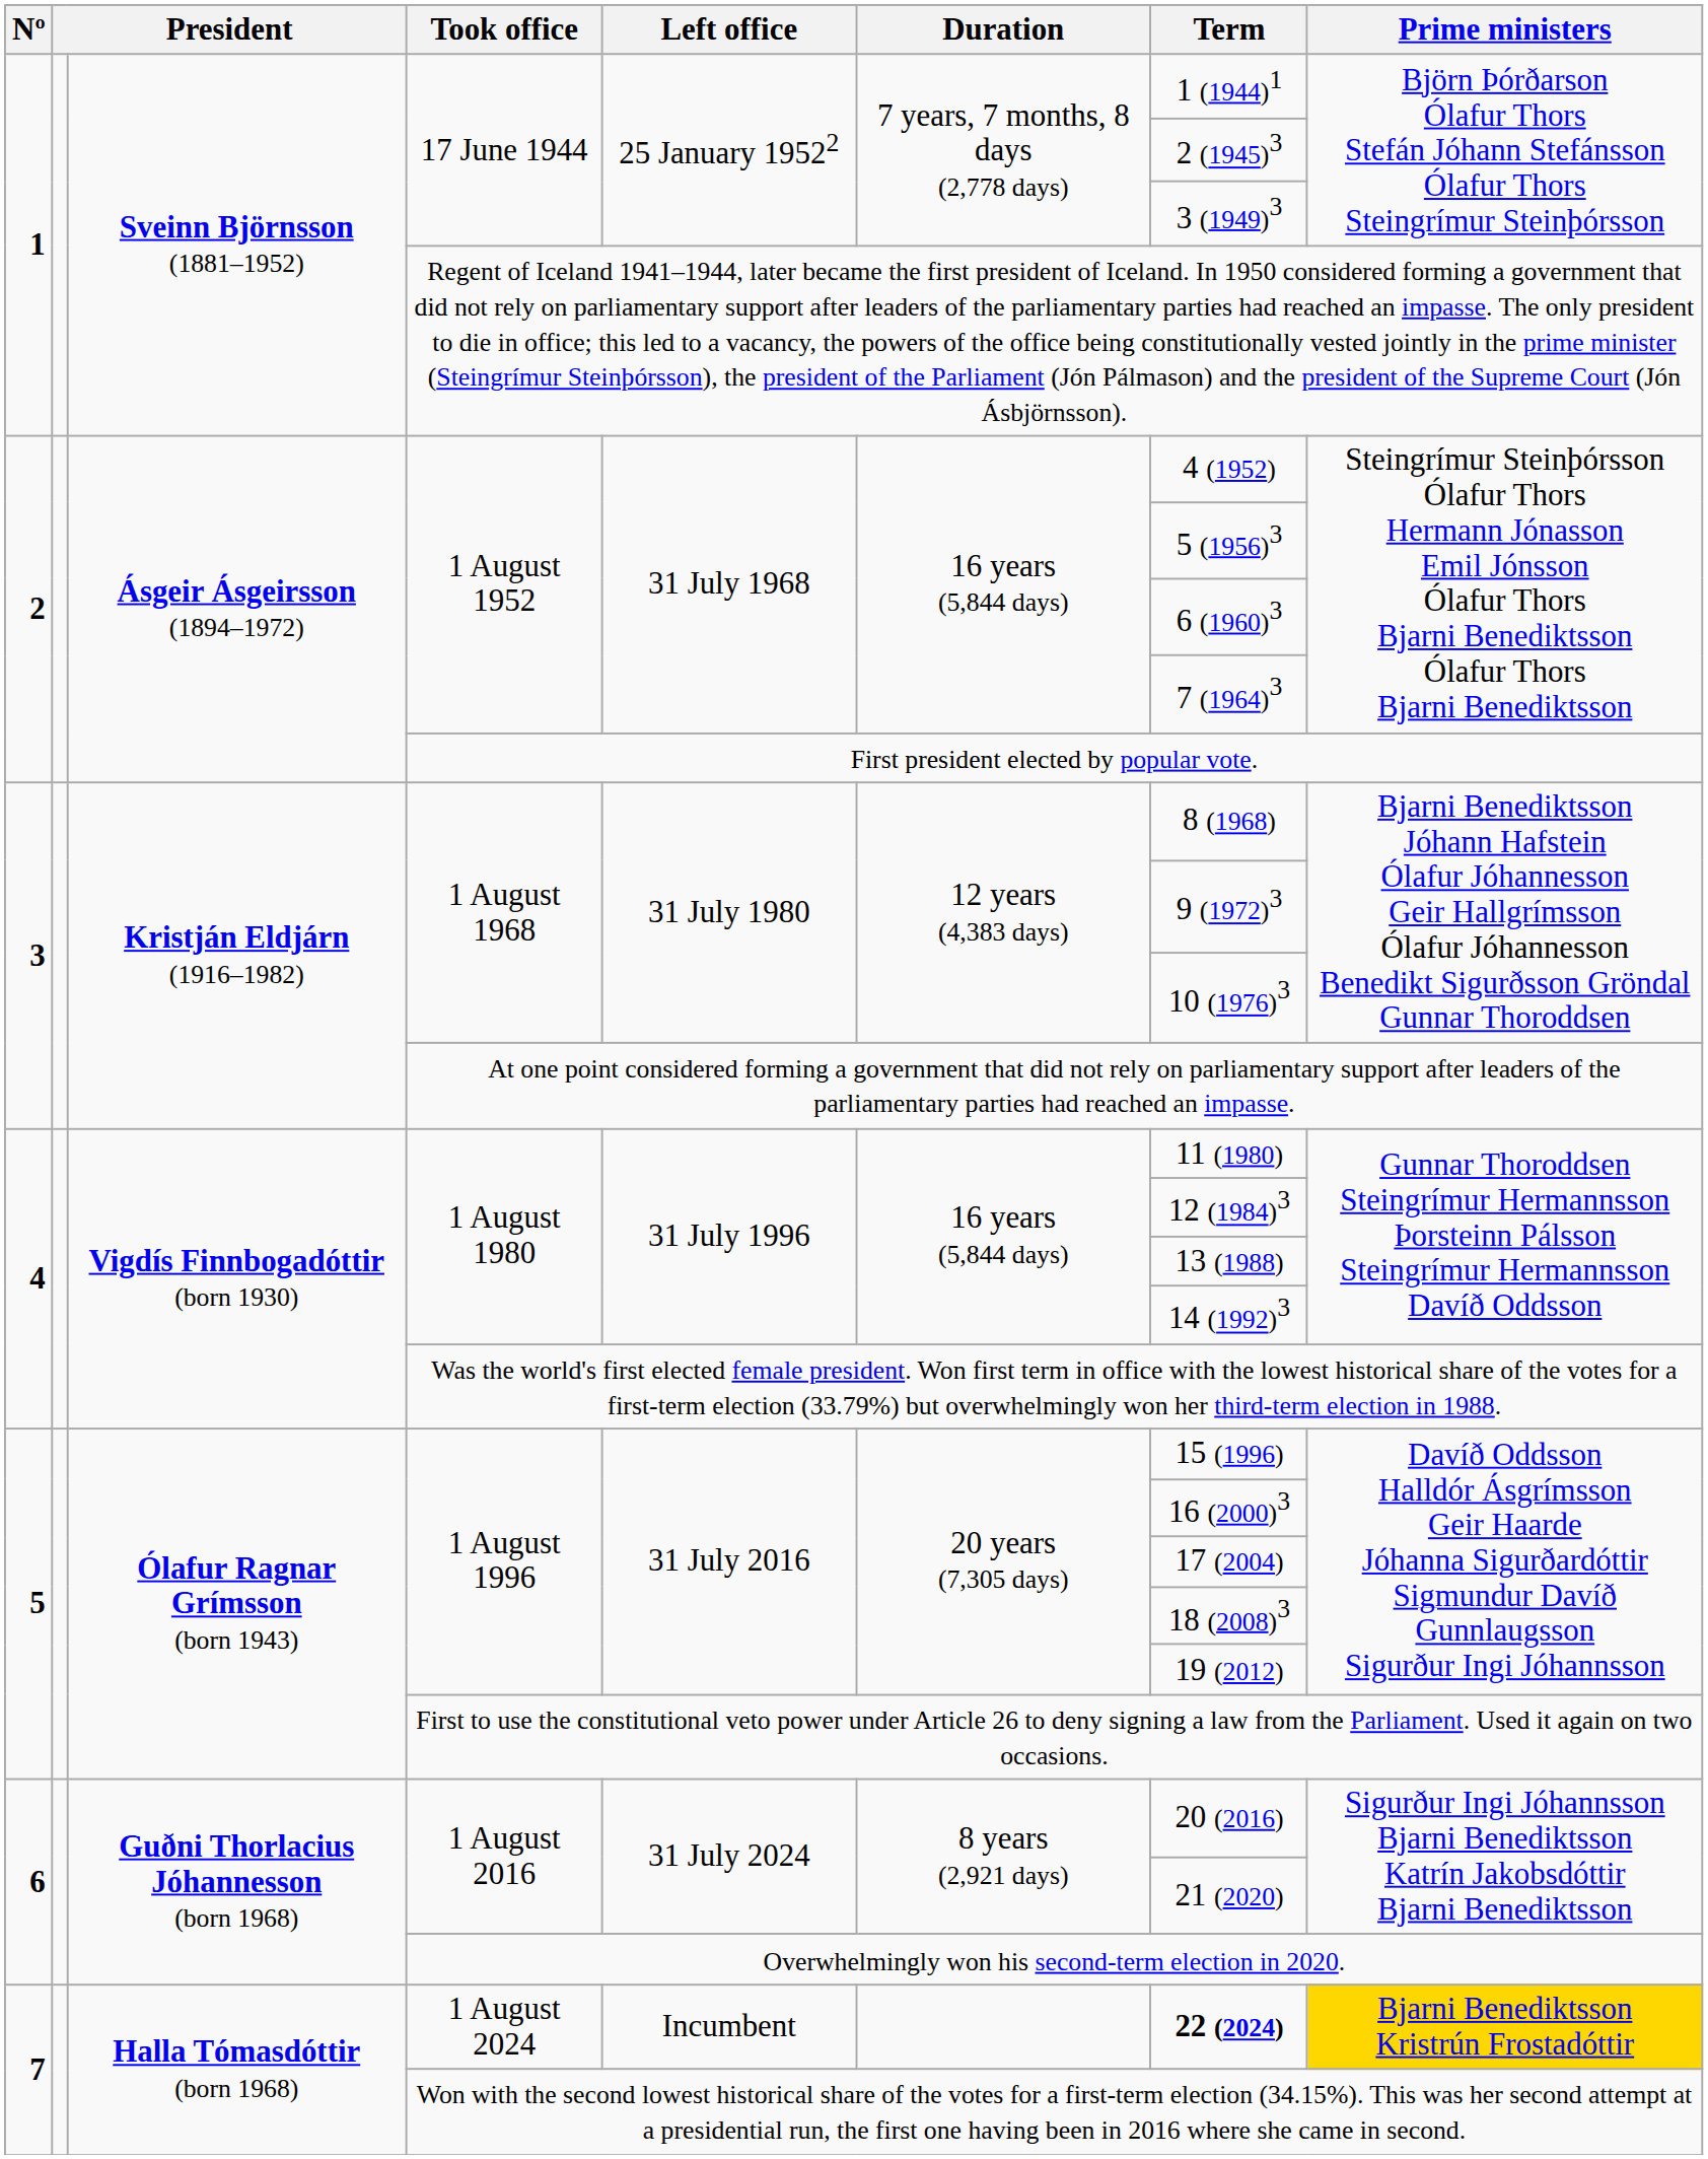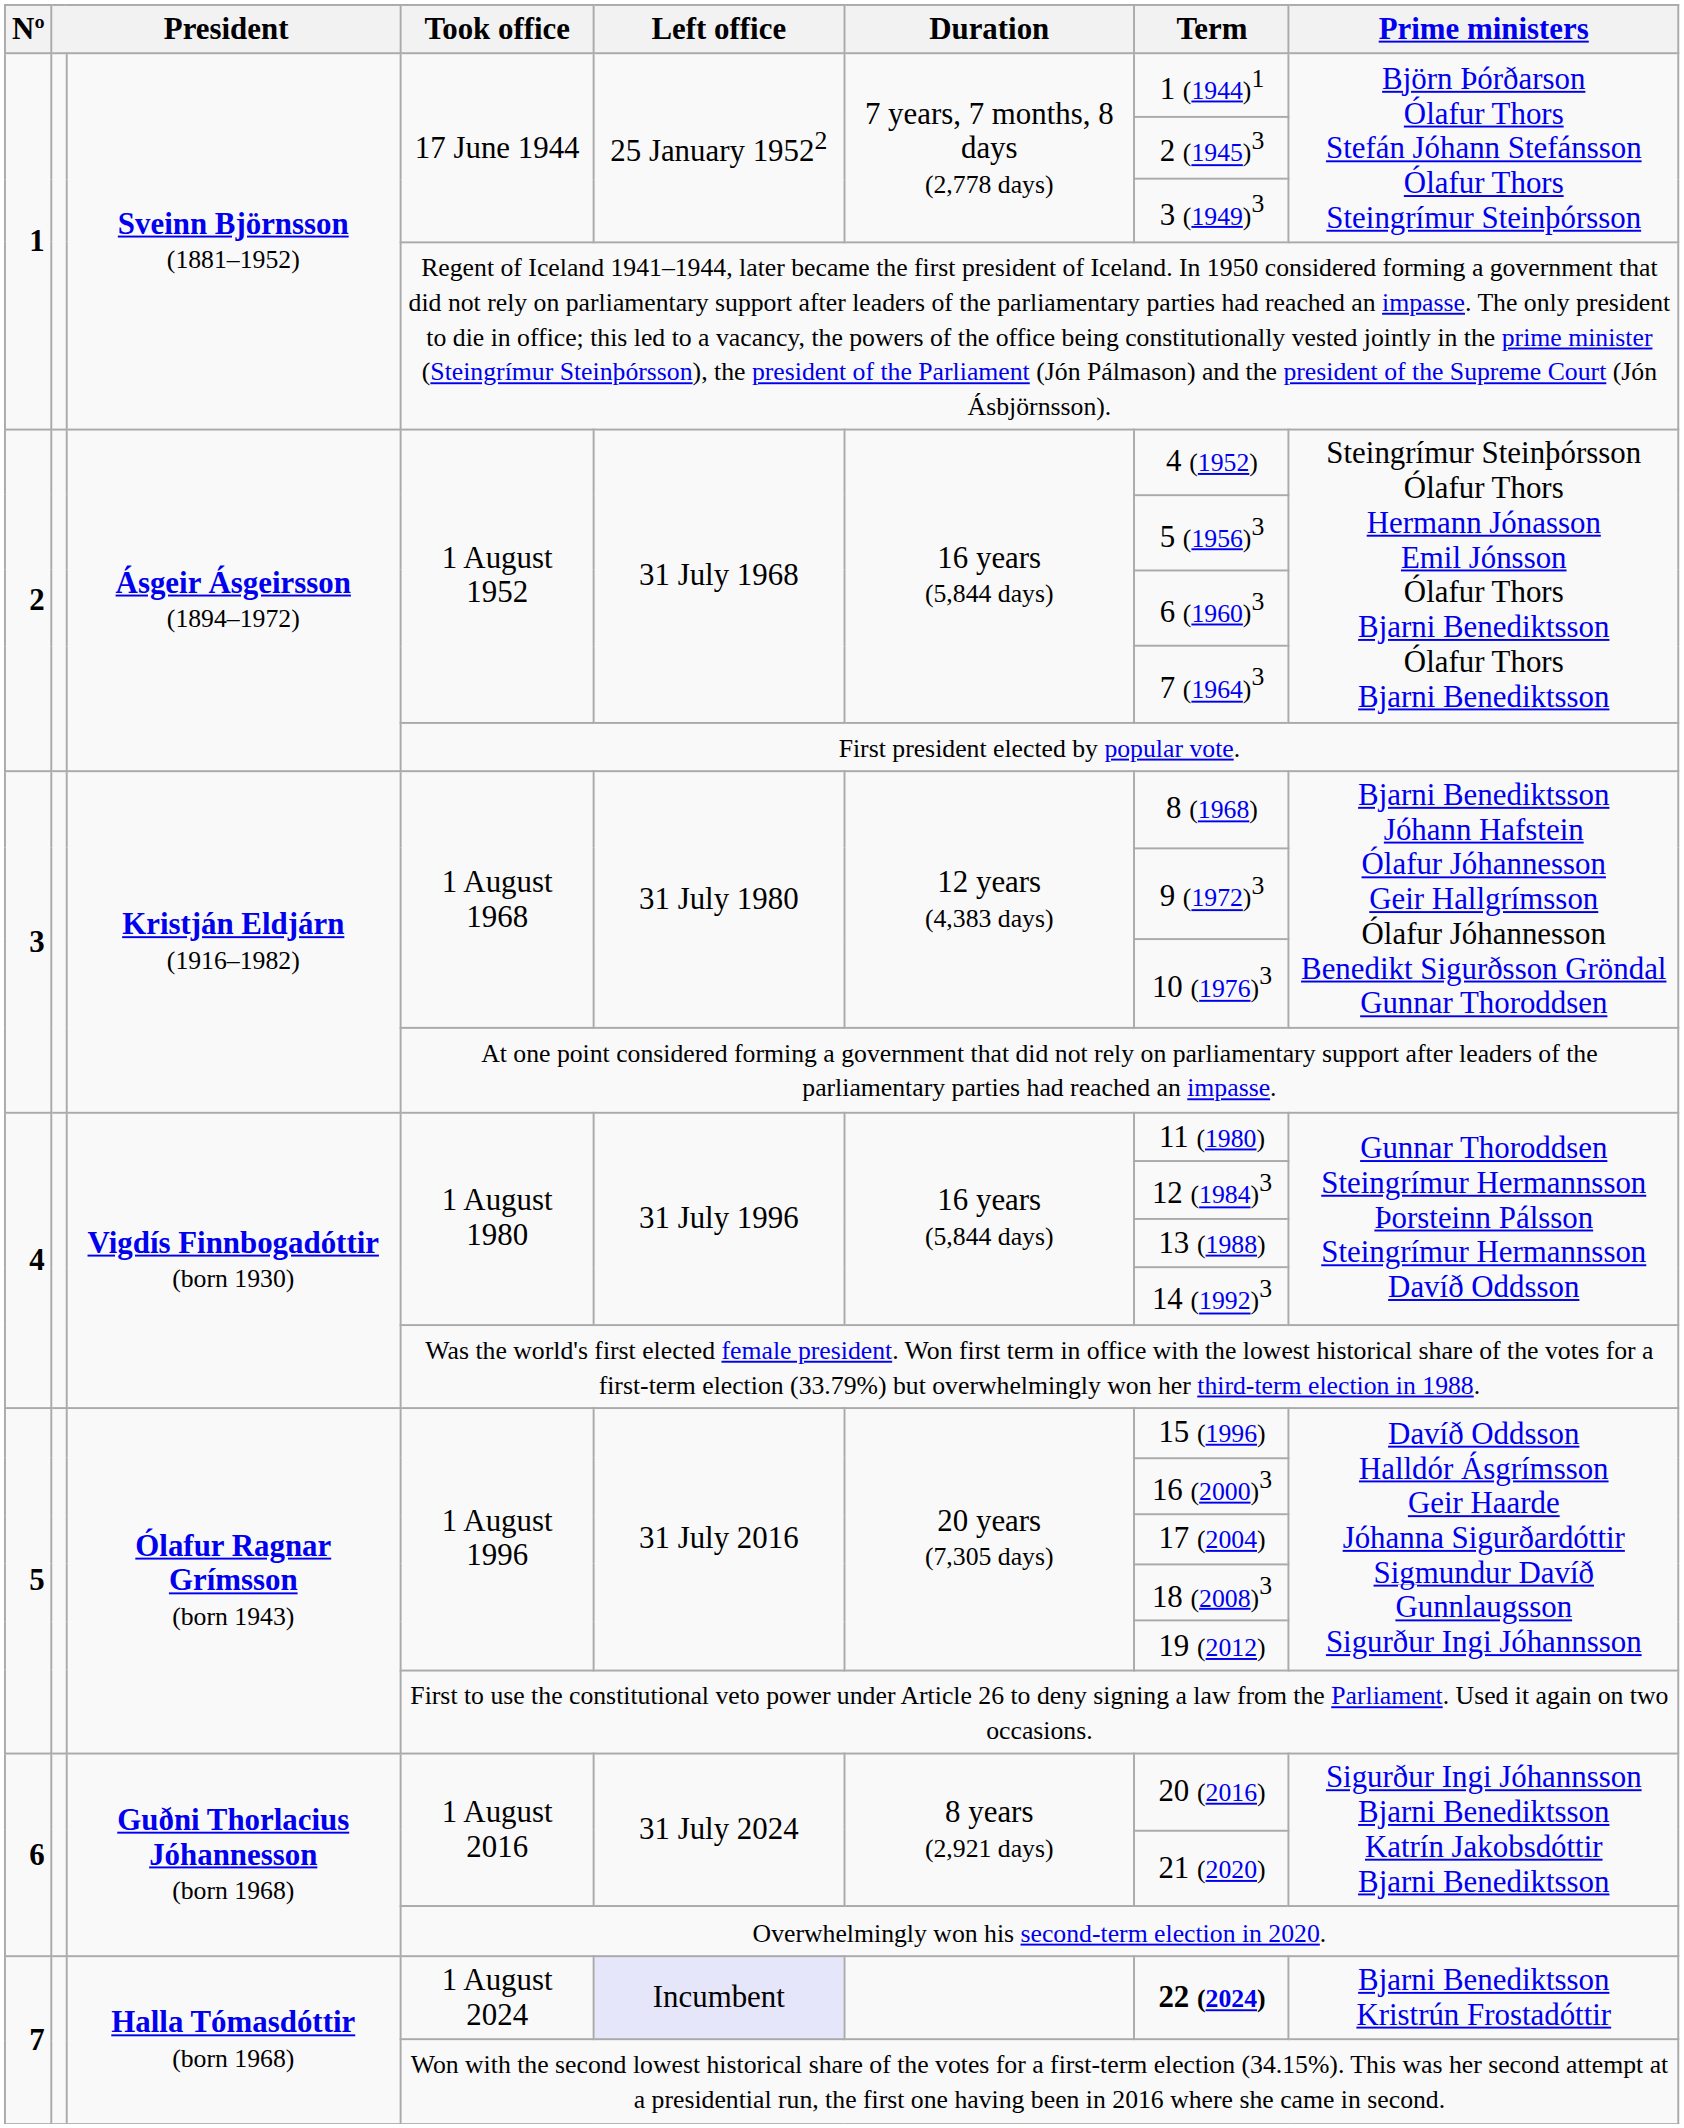 <table class="wikitable" style="text-align: center;">
 <tr>
 <th>Nº</th>
 <th colspan="2">President</th>
 <th>Took office</th>
 <th>Left office</th>
 <th>Duration</th>
 <th>Term</th>
 <th><a href='#'>Prime ministers</a></th>
 </tr>
 <tr>
 <td rowspan="4" style="text-align: right;"><strong>1</strong></td>
 <td rowspan="4"></td>
 <td rowspan="4" style="width: 20%;"><strong><a href='#'>Sveinn Björnsson</a></strong><br><small>(1881–1952)</small></td>
 <td rowspan="3">17 June 1944</td>
 <td rowspan="3">25 January 1952<sup>2</sup></td>
 <td rowspan="3">7 years, 7 months, 8 days<br><small>(2,778 days)</small></td>
 <td>1 <small>(<a href='#'>1944</a>)</small><sup>1</sup></td>
 <td rowspan="3"><a href='#'>Björn Þórðarson</a><br><a href='#'>Ólafur Thors</a><br><a href='#'>Stefán Jóhann Stefánsson</a><br><a href='#'>Ólafur Thors</a><br><a href='#'>Steingrímur Steinþórsson</a></td>
 </tr>
 <tr>
 <td>2 <small>(<a href='#'>1945</a>)</small><sup>3</sup></td>
 </tr>
 <tr>
 <td>3 <small>(<a href='#'>1949</a>)</small><sup>3</sup></td>
 </tr>
 <tr>
 <td colspan="5"><small>Regent of Iceland 1941–1944, later became the first president of Iceland. In 1950 considered forming a government that did not rely on parliamentary support after leaders of the parliamentary parties had reached an <a href='#'>impasse</a>. The only president to die in office; this led to a vacancy, the powers of the office being constitutionally vested jointly in the <a href='#'>prime minister</a> (<a href='#'>Steingrímur Steinþórsson</a>), the <a href='#'>president of the Parliament</a> (Jón Pálmason) and the <a href='#'>president of the Supreme Court</a> (Jón Ásbjörnsson).</small></td>
 </tr>
 <tr>
 <td rowspan="5" style="text-align: right;"><strong>2</strong></td>
 <td rowspan="5"></td>
 <td rowspan="5"><strong><a href='#'>Ásgeir Ásgeirsson</a></strong><br><small>(1894–1972)</small></td>
 <td rowspan="4">1 August 1952</td>
 <td rowspan="4">31 July 1968</td>
 <td rowspan="4">16 years<br><small>(5,844 days)</small></td>
 <td>4 <small>(<a href='#'>1952</a>)</small></td>
 <td rowspan="4">Steingrímur Steinþórsson<br>Ólafur Thors<br><a href='#'>Hermann Jónasson</a><br><a href='#'>Emil Jónsson</a><br>Ólafur Thors<br><a href='#'>Bjarni Benediktsson</a><br>Ólafur Thors<br><a href='#'>Bjarni Benediktsson</a></td>
 </tr>
 <tr>
 <td>5 <small>(<a href='#'>1956</a>)</small><sup>3</sup></td>
 </tr>
 <tr>
 <td>6 <small>(<a href='#'>1960</a>)</small><sup>3</sup></td>
 </tr>
 <tr>
 <td>7 <small>(<a href='#'>1964</a>)</small><sup>3</sup></td>
 </tr>
 <tr>
 <td colspan="5"><small>First president elected by <a href='#'>popular vote</a>.</small></td>
 </tr>
 <tr>
 <td rowspan="4" style="text-align: right;"><strong>3</strong></td>
 <td rowspan="4"></td>
 <td rowspan="4"><strong><a href='#'>Kristján Eldjárn</a></strong><br><small>(1916–1982)</small></td>
 <td rowspan="3">1 August 1968</td>
 <td rowspan="3">31 July 1980</td>
 <td rowspan="3">12 years<br><small>(4,383 days)</small></td>
 <td>8 <small>(<a href='#'>1968</a>)</small></td>
 <td rowspan="3"><a href='#'>Bjarni Benediktsson</a><br><a href='#'>Jóhann Hafstein</a><br><a href='#'>Ólafur Jóhannesson</a><br><a href='#'>Geir Hallgrímsson</a><br>Ólafur Jóhannesson<br><a href='#'>Benedikt Sigurðsson Gröndal</a><br><a href='#'>Gunnar Thoroddsen</a></td>
 </tr>
 <tr>
 <td>9 <small>(<a href='#'>1972</a>)</small><sup>3</sup></td>
 </tr>
 <tr>
 <td>10 <small>(<a href='#'>1976</a>)</small><sup>3</sup></td>
 </tr>
 <tr>
 <td colspan="5"><small>At one point considered forming a government that did not rely on parliamentary support after leaders of the parliamentary parties had reached an <a href='#'>impasse</a>.</small></td>
 </tr>
 <tr>
 <td rowspan="5" style="text-align: right;"><strong>4</strong></td>
 <td rowspan="5"></td>
 <td rowspan="5"><strong><a href='#'>Vigdís Finnbogadóttir</a></strong><br><small>(born 1930)</small></td>
 <td rowspan="4">1 August 1980</td>
 <td rowspan="4">31 July 1996</td>
 <td rowspan="4">16 years<br><small>(5,844 days)</small></td>
 <td>11 <small>(<a href='#'>1980</a>)</small></td>
 <td rowspan="4"><a href='#'>Gunnar Thoroddsen</a><br><a href='#'>Steingrímur Hermannsson</a><br><a href='#'>Þorsteinn Pálsson</a><br><a href='#'>Steingrímur Hermannsson</a><br><a href='#'>Davíð Oddsson</a></td>
 </tr>
 <tr>
 <td>12 <small>(<a href='#'>1984</a>)</small><sup>3</sup></td>
 </tr>
 <tr>
 <td>13 <small>(<a href='#'>1988</a>)</small></td>
 </tr>
 <tr>
 <td>14 <small>(<a href='#'>1992</a>)</small><sup>3</sup></td>
 </tr>
 <tr>
 <td colspan="5"><small>Was the world's first elected <a href='#'>female president</a>. Won first term in office with the lowest historical share of the votes for a first-term election (33.79%) but overwhelmingly won her <a href='#'>third-term election in 1988</a>.</small></td>
 </tr>
 <tr>
 <td rowspan="6" style="text-align: right;"><strong>5</strong></td>
 <td rowspan="6"></td>
 <td rowspan="6"><strong><a href='#'>Ólafur Ragnar Grímsson</a></strong><br><small>(born 1943)</small></td>
 <td rowspan="5">1 August 1996</td>
 <td rowspan="5">31 July 2016</td>
 <td rowspan="5">20 years<br><small>(7,305 days)</small></td>
 <td>15 <small>(<a href='#'>1996</a>)</small></td>
 <td rowspan="5"><a href='#'>Davíð Oddsson</a><br><a href='#'>Halldór Ásgrímsson</a><br><a href='#'>Geir Haarde</a><br><a href='#'>Jóhanna Sigurðardóttir</a><br><a href='#'>Sigmundur Davíð Gunnlaugsson</a><br><a href='#'>Sigurður Ingi Jóhannsson</a></td>
 </tr>
 <tr>
 <td>16 <small>(<a href='#'>2000</a>)</small><sup>3</sup></td>
 </tr>
 <tr>
 <td>17 <small>(<a href='#'>2004</a>)</small></td>
 </tr>
 <tr>
 <td>18 <small>(<a href='#'>2008</a>)</small><sup>3</sup></td>
 </tr>
 <tr>
 <td>19 <small>(<a href='#'>2012</a>)</small></td>
 </tr>
 <tr>
 <td colspan="5"><small>First to use the constitutional veto power under Article 26 to deny signing a law from the <a href='#'>Parliament</a>. Used it again on two occasions.</small></td>
 </tr>
 <tr>
 <td rowspan="3" style="text-align: right;"><strong>6</strong></td>
 <td rowspan="3"></td>
 <td rowspan="3"><strong><a href='#'>Guðni Thorlacius Jóhannesson</a></strong><br><small>(born 1968)</small></td>
 <td rowspan="2">1 August 2016</td>
 <td rowspan="2">31 July 2024</td>
 <td rowspan="2">8 years<br><small>(2,921 days)</small></td>
 <td>20 <small>(<a href='#'>2016</a>)</small></td>
 <td rowspan="2"><a href='#'>Sigurður Ingi Jóhannsson</a><br><a href='#'>Bjarni Benediktsson</a><br><a href='#'>Katrín Jakobsdóttir</a><br><a href='#'>Bjarni Benediktsson</a></td>
 </tr>
 <tr>
 <td>21 <small>(<a href='#'>2020</a>)</small></td>
 </tr>
 <tr>
 <td colspan="5"><small>Overwhelmingly won his <a href='#'>second-term election in 2020</a>.</small></td>
 </tr>
 <tr>
 <td rowspan="2" style="text-align: right;"><strong>7</strong></td>
 <td rowspan="2"></td>
 <td rowspan="2"><strong><a href='#'>Halla Tómasdóttir</a></strong><br><small>(born 1968)</small></td>
 <td>1 August 2024</td>
-<td>Incumbent</td>
+<td style="background: lavender;">Incumbent</td>
 <td></td>
 <td><strong>22 <small>(<a href='#'>2024</a>)</small></strong></td>
-<td style="background: gold;"><a href='#'>Bjarni Benediktsson</a><br><a href='#'>Kristrún Frostadóttir</a></td>
+<td><a href='#'>Bjarni Benediktsson</a><br><a href='#'>Kristrún Frostadóttir</a></td>
 </tr>
 <tr>
 <td colspan="5"><small></small><small>Won with the second lowest historical share of the votes for a first-term election (34.15%). This was her second attempt at a presidential run, the first one having been in 2016 where she came in second.</small></td>
 </tr>
 </table>
